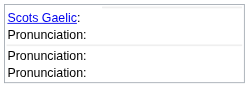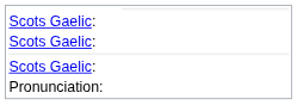 <table class="floatright collapsible" style="width:280px; font-size:90%; border: 1px solid #a2a9b1;">
 <tr style="vertical-align: top;">
 <td style="width: 40%;"></td>
 <th colspan=2 style="background:#efefef;"></th>
 </tr>
 <tr>
 <td><a href='#'>Scots Gaelic</a>:</td>
 <td></td>
 </tr>
 <tr>
-<td>Pronunciation:</td>
+<td><a href='#'>Scots Gaelic</a>:</td>
 <td></td>
 </tr>
 <tr>
 <th colspan=2 style="background:#efefef;"></th>
 </tr>
 <tr>
-<td>Pronunciation:</td>
+<td><a href='#'>Scots Gaelic</a>:</td>
 <td></td>
 </tr>
 <tr>
 <td>Pronunciation:</td>
 <td></td>
 </tr>
 </table>
